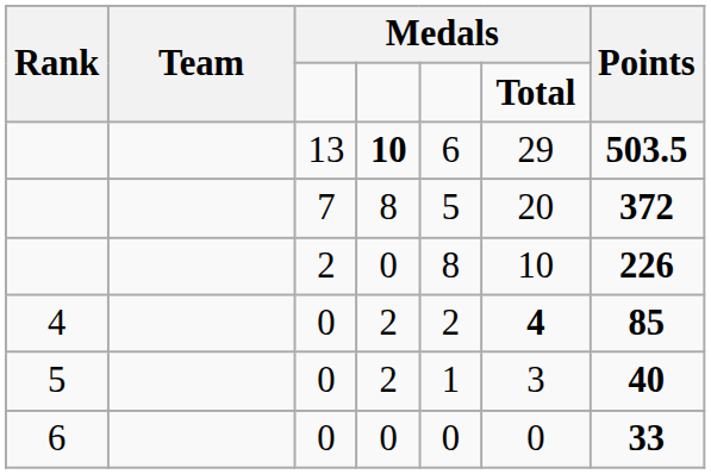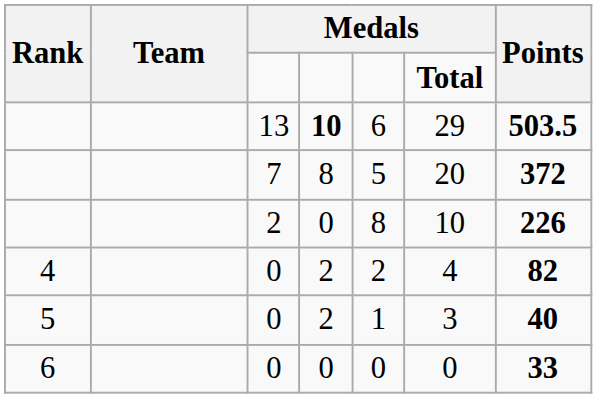 <table class="wikitable">
 <tr>
 <th rowspan=2>Rank</th>
 <th style="width:75px;" rowspan="2">Team</th>
 <th colspan=4>Medals</th>
 <th rowspan=2>Points</th>
 </tr>
 <tr style="text-align:center;">
 <td style="width:20px; "></td>
 <td style="width:20px; "></td>
 <td style="width:20px; "></td>
 <td style="width:40px; "><strong>Total</strong></td>
 </tr>
 <tr>
 <td align=center></td>
 <td></td>
 <td align=center>13</td>
 <td align=center><strong>10</strong></td>
 <td align=center>6</td>
 <td align=center>29</td>
 <td align=center><strong>503.5</strong></td>
 </tr>
 <tr>
 <td align=center></td>
 <td></td>
 <td align=center>7</td>
 <td align=center>8</td>
 <td align=center>5</td>
 <td align=center>20</td>
 <td align=center><strong>372</strong></td>
 </tr>
 <tr>
 <td align=center></td>
 <td></td>
 <td align=center>2</td>
 <td align=center>0</td>
 <td align=center>8</td>
 <td align=center>10</td>
 <td align=center><strong>226</strong></td>
 </tr>
 <tr>
 <td align=center>4</td>
 <td></td>
 <td align=center>0</td>
 <td align=center>2</td>
 <td align=center>2</td>
-<td align=center><strong>4</strong></td>
-<td align=center><strong>85</strong></td>
+<td align=center>4</td>
+<td align=center><strong>82</strong></td>
 </tr>
 <tr>
 <td align=center>5</td>
 <td></td>
 <td align=center>0</td>
 <td align=center>2</td>
 <td align=center>1</td>
 <td align=center>3</td>
 <td align=center><strong>40</strong></td>
 </tr>
 <tr>
 <td align=center>6</td>
 <td></td>
 <td align=center>0</td>
 <td align=center>0</td>
 <td align=center>0</td>
 <td align=center>0</td>
 <td align=center><strong>33</strong></td>
 </tr>
 </table>
